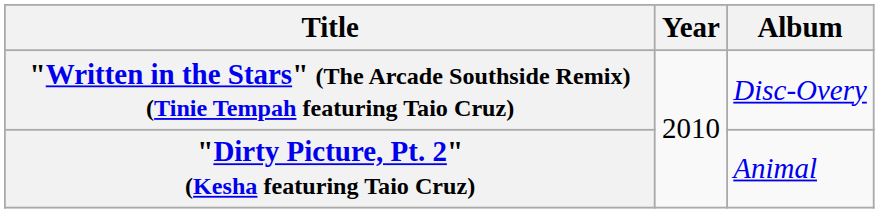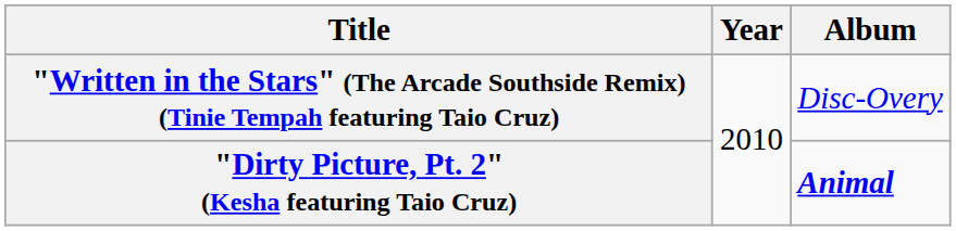 <table class="wikitable plainrowheaders">
 <tr>
 <th scope="col" style="width:22em;">Title</th>
 <th scope="col" style="width:1em;">Year</th>
 <th scope="col">Album</th>
 </tr>
 <tr>
 <th scope="row">"<a href='#'>Written in the Stars</a>" <small>(The Arcade Southside Remix)</small><br><small>(<a href='#'>Tinie Tempah</a> featuring Taio Cruz)</small></th>
 <td rowspan="2">2010</td>
 <td><em><a href='#'>Disc-Overy</a></em></td>
 </tr>
 <tr>
 <th scope="row">"<a href='#'>Dirty Picture, Pt. 2</a>"<br><small>(<a href='#'>Kesha</a> featuring Taio Cruz)</small></th>
-<td><em><a href='#'>Animal</a></em></td>
+<td><strong><em><a href='#'>Animal</a></em></strong></td>
 </tr>
 </table>
